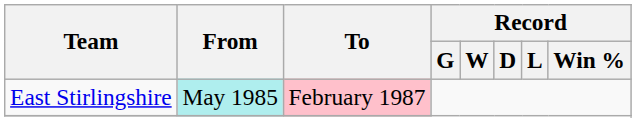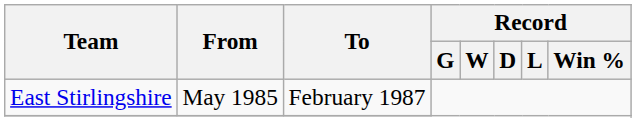 <table class="wikitable" style="text-align: center">
 <tr>
 <th rowspan=2>Team</th>
 <th rowspan=2>From</th>
 <th rowspan=2>To</th>
 <th colspan=5>Record</th>
 </tr>
 <tr>
 <th>G</th>
 <th>W</th>
 <th>D</th>
 <th>L</th>
 <th>Win %</th>
 </tr>
 <tr>
 <td align=left><a href='#'>East Stirlingshire</a></td>
-<td align=left style="background: paleturquoise;">May 1985</td>
-<td align=left style="background: pink;">February 1987<br></td>
+<td align=left>May 1985</td>
+<td align=left>February 1987<br></td>
 </tr>
 <tr>
 </tr>
 </table>
